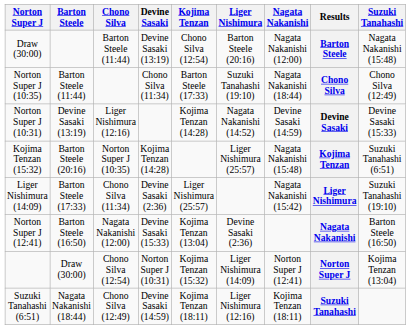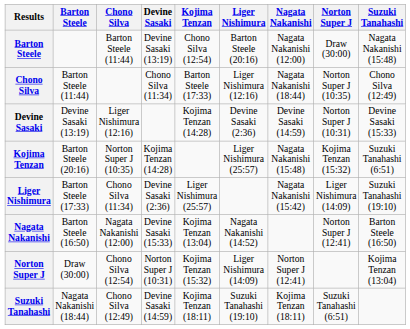 <table class="wikitable" style="text-align:center; margin: 1em auto 1em auto">
 <tr align="center">
-<th><a href='#'>Norton</a><br><a href='#'>Super J</a></th>
+<th>Results</th>
 <th><a href='#'>Barton</a><br><a href='#'>Steele</a></th>
 <th><a href='#'>Chono</a><br><a href='#'>Silva</a></th>
 <th>Devine<br><a href='#'>Sasaki</a></th>
 <th><a href='#'>Kojima</a><br><a href='#'>Tenzan</a></th>
 <th><a href='#'>Liger</a><br><a href='#'>Nishimura</a></th>
 <th><a href='#'>Nagata</a><br><a href='#'>Nakanishi</a></th>
-<th>Results</th>
+<th><a href='#'>Norton</a><br><a href='#'>Super J</a></th>
 <th><a href='#'>Suzuki</a><br><a href='#'>Tanahashi</a></th>
 </tr>
 <tr align="center">
-<td>Draw<br>(30:00)</td>
+<th><a href='#'>Barton</a><br><a href='#'>Steele</a></th>
 <td></td>
 <td>Barton<br>Steele<br>(11:44)</td>
 <td>Devine<br>Sasaki<br>(13:19)</td>
 <td>Chono<br>Silva<br>(12:54)</td>
 <td>Barton<br>Steele<br>(20:16)</td>
 <td>Nagata<br>Nakanishi<br>(12:00)</td>
-<th><a href='#'>Barton</a><br><a href='#'>Steele</a></th>
+<td>Draw<br>(30:00)</td>
 <td>Nagata<br>Nakanishi<br>(15:48)</td>
 </tr>
 <tr align="center">
-<td>Norton<br>Super J<br>(10:35)</td>
+<th><a href='#'>Chono</a><br><a href='#'>Silva</a></th>
 <td>Barton<br>Steele<br>(11:44)</td>
 <td></td>
 <td>Chono<br>Silva<br>(11:34)</td>
 <td>Barton<br>Steele<br>(17:33)</td>
-<td>Suzuki<br>Tanahashi<br>(19:10)</td>
+<td>Liger<br>Nishimura<br>(12:16)</td>
 <td>Nagata<br>Nakanishi<br>(18:44)</td>
-<th><a href='#'>Chono</a><br><a href='#'>Silva</a></th>
+<td>Norton<br>Super J<br>(10:35)</td>
 <td>Chono<br>Silva<br>(12:49)</td>
 </tr>
 <tr align="center">
-<td>Norton<br>Super J<br>(10:31)</td>
+<th>Devine<br><a href='#'>Sasaki</a></th>
 <td>Devine<br>Sasaki<br>(13:19)</td>
 <td>Liger<br>Nishimura<br>(12:16)</td>
 <td></td>
 <td>Kojima<br>Tenzan<br>(14:28)</td>
-<td>Nagata<br>Nakanishi<br>(14:52)</td>
+<td>Devine<br>Sasaki<br>(2:36)</td>
 <td>Devine<br>Sasaki<br>(14:59)</td>
-<th>Devine<br><a href='#'>Sasaki</a></th>
+<td>Norton<br>Super J<br>(10:31)</td>
 <td>Devine<br>Sasaki<br>(15:33)</td>
 </tr>
 <tr align="center">
-<td>Kojima<br>Tenzan<br>(15:32)</td>
+<th><a href='#'>Kojima</a><br><a href='#'>Tenzan</a></th>
 <td>Barton<br>Steele<br>(20:16)</td>
 <td>Norton<br>Super J<br>(10:35)</td>
 <td>Kojima<br>Tenzan<br>(14:28)</td>
 <td></td>
 <td>Liger<br>Nishimura<br>(25:57)</td>
 <td>Nagata<br>Nakanishi<br>(15:48)</td>
-<th><a href='#'>Kojima</a><br><a href='#'>Tenzan</a></th>
+<td>Kojima<br>Tenzan<br>(15:32)</td>
 <td>Suzuki<br>Tanahashi<br>(6:51)</td>
 </tr>
 <tr align="center">
-<td>Liger<br>Nishimura<br>(14:09)</td>
+<th><a href='#'>Liger</a><br><a href='#'>Nishimura</a></th>
 <td>Barton<br>Steele<br>(17:33)</td>
 <td>Chono<br>Silva<br>(11:34)</td>
 <td>Devine<br>Sasaki<br>(2:36)</td>
 <td>Liger<br>Nishimura<br>(25:57)</td>
 <td></td>
 <td>Nagata<br>Nakanishi<br>(15:42)</td>
-<th><a href='#'>Liger</a><br><a href='#'>Nishimura</a></th>
+<td>Liger<br>Nishimura<br>(14:09)</td>
 <td>Suzuki<br>Tanahashi<br>(19:10)</td>
 </tr>
 <tr align="center">
-<td>Norton<br>Super J<br>(12:41)</td>
+<th><a href='#'>Nagata</a><br><a href='#'>Nakanishi</a></th>
 <td>Barton<br>Steele<br>(16:50)</td>
 <td>Nagata<br>Nakanishi<br>(12:00)</td>
 <td>Devine<br>Sasaki<br>(15:33)</td>
 <td>Kojima<br>Tenzan<br>(13:04)</td>
-<td>Devine<br>Sasaki<br>(2:36)</td>
+<td>Nagata<br>Nakanishi<br>(14:52)</td>
 <td></td>
-<th><a href='#'>Nagata</a><br><a href='#'>Nakanishi</a></th>
+<td>Norton<br>Super J<br>(12:41)</td>
 <td>Barton<br>Steele<br>(16:50)</td>
 </tr>
 <tr align="center">
-<td></td>
+<th><a href='#'>Norton</a><br><a href='#'>Super J</a></th>
 <td>Draw<br>(30:00)</td>
 <td>Chono<br>Silva<br>(12:54)</td>
 <td>Norton<br>Super J<br>(10:31)</td>
 <td>Kojima<br>Tenzan<br>(15:32)</td>
 <td>Liger<br>Nishimura<br>(14:09)</td>
 <td>Norton<br>Super J<br>(12:41)</td>
-<th><a href='#'>Norton</a><br><a href='#'>Super J</a></th>
+<td></td>
 <td>Kojima<br>Tenzan<br>(13:04)</td>
 </tr>
 <tr align="center">
-<td>Suzuki<br>Tanahashi<br>(6:51)</td>
+<th><a href='#'>Suzuki</a><br><a href='#'>Tanahashi</a></th>
 <td>Nagata<br>Nakanishi<br>(18:44)</td>
 <td>Chono<br>Silva<br>(12:49)</td>
 <td>Devine<br>Sasaki<br>(14:59)</td>
 <td>Kojima<br>Tenzan<br>(18:11)</td>
-<td>Liger<br>Nishimura<br>(12:16)</td>
+<td>Suzuki<br>Tanahashi<br>(19:10)</td>
 <td>Kojima<br>Tenzan<br>(18:11)</td>
-<th><a href='#'>Suzuki</a><br><a href='#'>Tanahashi</a></th>
+<td>Suzuki<br>Tanahashi<br>(6:51)</td>
 <td></td>
 </tr>
 </table>
